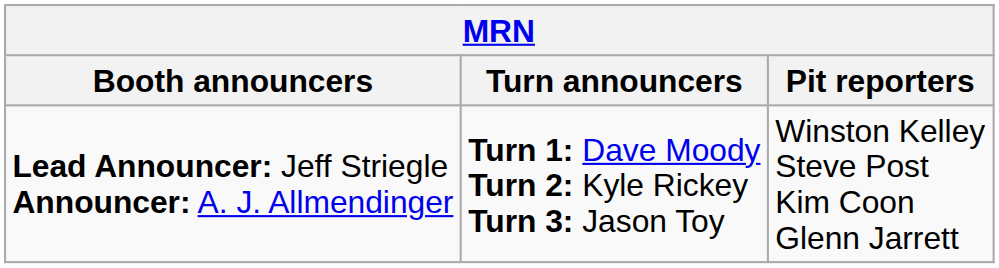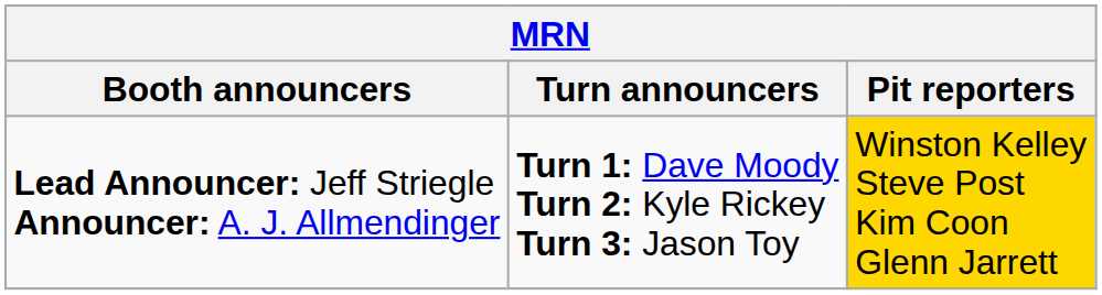 <table class="wikitable" style="font-size: 95%;">
 <tr>
 <th colspan="3"><a href='#'>MRN</a></th>
 </tr>
 <tr>
 <th>Booth announcers</th>
 <th>Turn announcers</th>
 <th>Pit reporters</th>
 </tr>
 <tr>
 <td><strong>Lead Announcer:</strong> Jeff Striegle<br><strong>Announcer:</strong> <a href='#'>A. J. Allmendinger</a></td>
 <td><strong>Turn 1:</strong> <a href='#'>Dave Moody</a><br><strong>Turn 2:</strong> Kyle Rickey<br><strong>Turn 3:</strong> Jason Toy</td>
-<td>Winston Kelley<br>Steve Post<br>Kim Coon<br>Glenn Jarrett</td>
+<td style="background: gold;">Winston Kelley<br>Steve Post<br>Kim Coon<br>Glenn Jarrett</td>
 </tr>
 </table>
